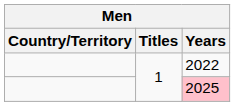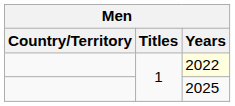 <table class="wikitable">
 <tr>
 <th colspan=3>Men</th>
 </tr>
 <tr>
 <th>Country/Territory</th>
 <th>Titles</th>
 <th>Years</th>
 </tr>
 <tr>
 <td></td>
 <td rowspan="2" style="text-align:center;">1</td>
-<td>2022</td>
+<td style="background: lightyellow;">2022</td>
 </tr>
 <tr>
 <td></td>
-<td style="background: pink;">2025</td>
+<td>2025</td>
 </tr>
 </table>
